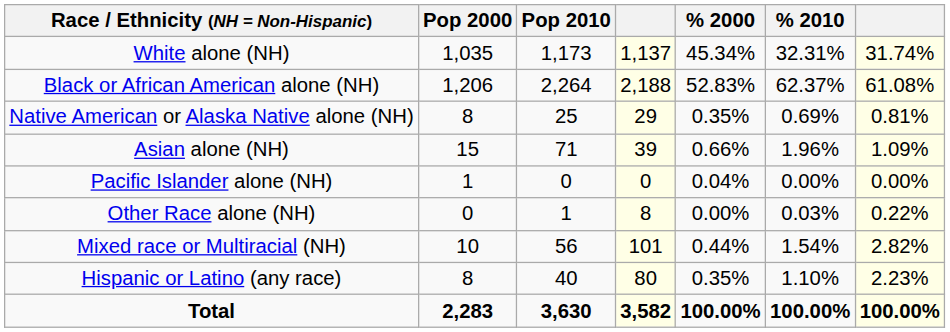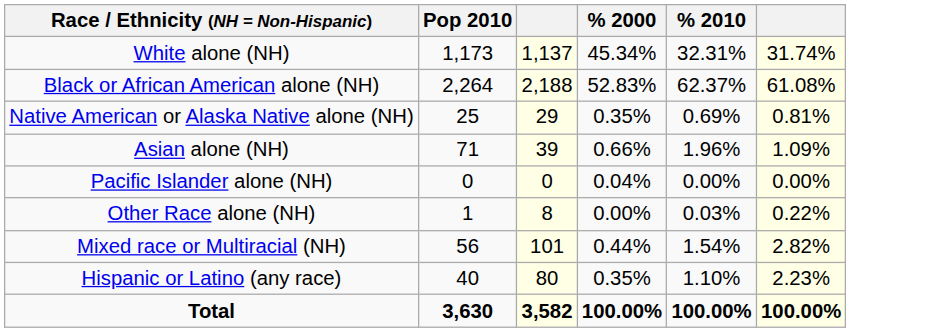 <table class="wikitable" style="text-align:center;">
 <tr>
 <th>Race / Ethnicity <small>(<em>NH = Non-Hispanic</em>)</small></th>
-<th>Pop 2000</th>
 <th>Pop 2010</th>
 <th></th>
 <th>% 2000</th>
 <th>% 2010</th>
 <th></th>
 </tr>
 <tr>
 <td><a href='#'>White</a> alone (NH)</td>
-<td>1,035</td>
 <td>1,173</td>
 <td style='background: #ffffe6;'>1,137</td>
 <td>45.34%</td>
 <td>32.31%</td>
 <td style='background: #ffffe6;'>31.74%</td>
 </tr>
 <tr>
 <td><a href='#'>Black or African American</a> alone (NH)</td>
-<td>1,206</td>
 <td>2,264</td>
 <td style='background: #ffffe6;'>2,188</td>
 <td>52.83%</td>
 <td>62.37%</td>
 <td style='background: #ffffe6;'>61.08%</td>
 </tr>
 <tr>
 <td><a href='#'>Native American</a> or <a href='#'>Alaska Native</a> alone (NH)</td>
-<td>8</td>
 <td>25</td>
 <td style='background: #ffffe6;'>29</td>
 <td>0.35%</td>
 <td>0.69%</td>
 <td style='background: #ffffe6;'>0.81%</td>
 </tr>
 <tr>
 <td><a href='#'>Asian</a> alone (NH)</td>
-<td>15</td>
 <td>71</td>
 <td style='background: #ffffe6;'>39</td>
 <td>0.66%</td>
 <td>1.96%</td>
 <td style='background: #ffffe6;'>1.09%</td>
 </tr>
 <tr>
 <td><a href='#'>Pacific Islander</a> alone (NH)</td>
-<td>1</td>
 <td>0</td>
 <td style='background: #ffffe6;'>0</td>
 <td>0.04%</td>
 <td>0.00%</td>
 <td style='background: #ffffe6;'>0.00%</td>
 </tr>
 <tr>
 <td><a href='#'>Other Race</a> alone (NH)</td>
-<td>0</td>
 <td>1</td>
 <td style='background: #ffffe6;'>8</td>
 <td>0.00%</td>
 <td>0.03%</td>
 <td style='background: #ffffe6;'>0.22%</td>
 </tr>
 <tr>
 <td><a href='#'>Mixed race or Multiracial</a> (NH)</td>
-<td>10</td>
 <td>56</td>
 <td style='background: #ffffe6;'>101</td>
 <td>0.44%</td>
 <td>1.54%</td>
 <td style='background: #ffffe6;'>2.82%</td>
 </tr>
 <tr>
 <td><a href='#'>Hispanic or Latino</a> (any race)</td>
-<td>8</td>
 <td>40</td>
 <td style='background: #ffffe6;'>80</td>
 <td>0.35%</td>
 <td>1.10%</td>
 <td style='background: #ffffe6;'>2.23%</td>
 </tr>
 <tr>
 <td><strong>Total</strong></td>
-<td><strong>2,283</strong></td>
 <td><strong>3,630</strong></td>
 <td style='background: #ffffe6;'><strong>3,582</strong></td>
 <td><strong>100.00%</strong></td>
 <td><strong>100.00%</strong></td>
 <td style='background: #ffffe6;'><strong>100.00%</strong></td>
 </tr>
 </table>
